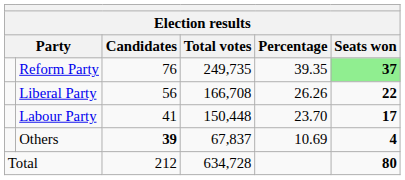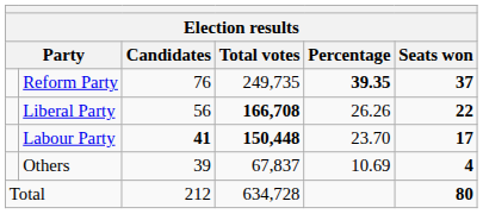 <table class="wikitable" style="text-align:right">
 <tr>
 <th colspan=6></th>
 </tr>
 <tr>
 <th colspan=6>Election results</th>
 </tr>
 <tr>
 <th colspan=2>Party</th>
 <th>Candidates</th>
 <th>Total votes</th>
 <th>Percentage</th>
 <th>Seats won</th>
 </tr>
 <tr>
 <td width=5 bgcolor=></td>
 <td align=left><a href='#'>Reform Party</a></td>
 <td>76</td>
 <td>249,735</td>
-<td>39.35</td>
-<td style="background: lightgreen;"><strong>37</strong></td>
+<td><strong>39.35</strong></td>
+<td><strong>37</strong></td>
 </tr>
 <tr>
 <td bgcolor=></td>
 <td align=left><a href='#'>Liberal Party</a></td>
 <td>56</td>
-<td>166,708</td>
+<td><strong>166,708</strong></td>
 <td>26.26</td>
 <td><strong>22</strong></td>
 </tr>
 <tr>
 <td bgcolor=></td>
 <td align=left><a href='#'>Labour Party</a></td>
-<td>41</td>
-<td>150,448</td>
+<td><strong>41</strong></td>
+<td><strong>150,448</strong></td>
 <td>23.70</td>
 <td><strong>17</strong></td>
 </tr>
 <tr>
 <td bgcolor=></td>
 <td align=left>Others</td>
-<td><strong>39</strong></td>
+<td>39</td>
 <td>67,837</td>
 <td>10.69</td>
 <td><strong>4</strong></td>
 </tr>
 <tr bgcolor=>
 <td colspan=2 align=left>Total</td>
 <td>212</td>
 <td>634,728</td>
 <td></td>
 <td><strong>80</strong></td>
 </tr>
 </table>
